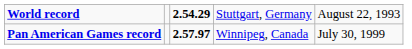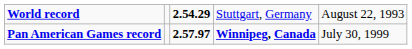 <table class="wikitable">
 <tr>
 <td><strong><a href='#'>World record</a></strong></td>
 <td></td>
 <td><strong>2.54.29</strong></td>
 <td><a href='#'>Stuttgart</a>, <a href='#'>Germany</a></td>
 <td>August 22, 1993</td>
 </tr>
 <tr>
 <td><strong><a href='#'>Pan American Games record</a></strong></td>
 <td></td>
 <td><strong>2.57.97</strong></td>
-<td><a href='#'>Winnipeg</a>, <a href='#'>Canada</a></td>
+<td><strong><a href='#'>Winnipeg</a>, <a href='#'>Canada</a></strong></td>
 <td>July 30, 1999</td>
 </tr>
 </table>
